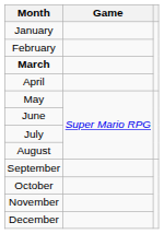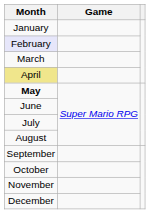 <table class="wikitable sortable" style="text-align:center">
 <tr>
 <th>Month</th>
 <th>Game</th>
 <th class="unsortable"></th>
 </tr>
 <tr>
 <td>January</td>
 <td></td>
 </tr>
 <tr>
-<td>February</td>
+<td style="background: lavender;">February</td>
 <td></td>
 </tr>
 <tr>
-<td><strong>March</strong></td>
+<td>March</td>
 <td></td>
 </tr>
 <tr>
-<td>April</td>
+<td style="background: khaki;">April</td>
 <td></td>
 </tr>
 <tr>
-<td>May</td>
+<td><strong>May</strong></td>
 <td rowspan="4"><em><a href='#'>Super Mario RPG</a></em></td>
 <td rowspan="4"></td>
 </tr>
 <tr>
 <td>June</td>
 </tr>
 <tr>
 <td>July</td>
 </tr>
 <tr>
 <td>August</td>
 </tr>
 <tr>
 <td>September</td>
 <td></td>
 </tr>
 <tr>
 <td>October</td>
 <td></td>
 </tr>
 <tr>
 <td>November</td>
 <td></td>
 </tr>
 <tr>
 <td>December</td>
 <td></td>
 </tr>
 </table>
